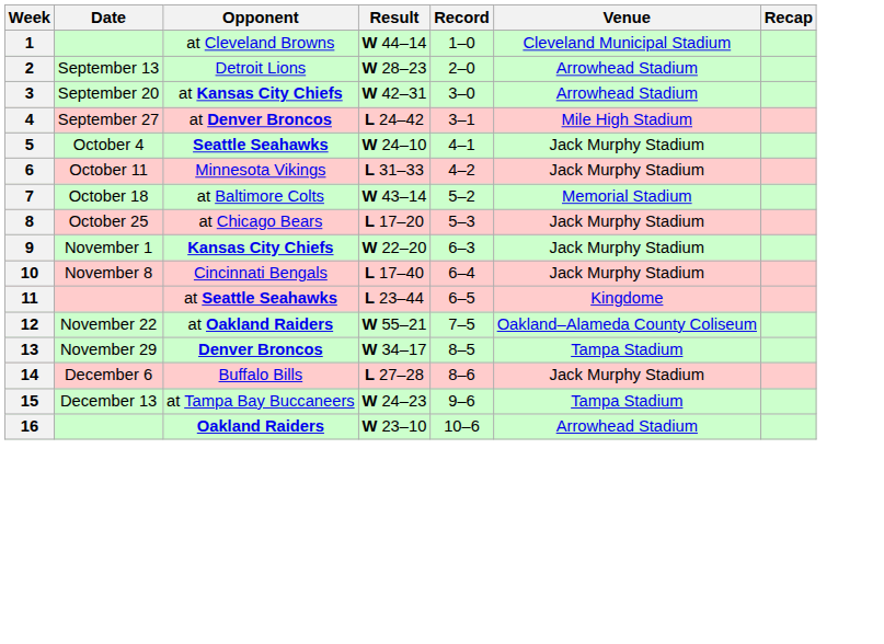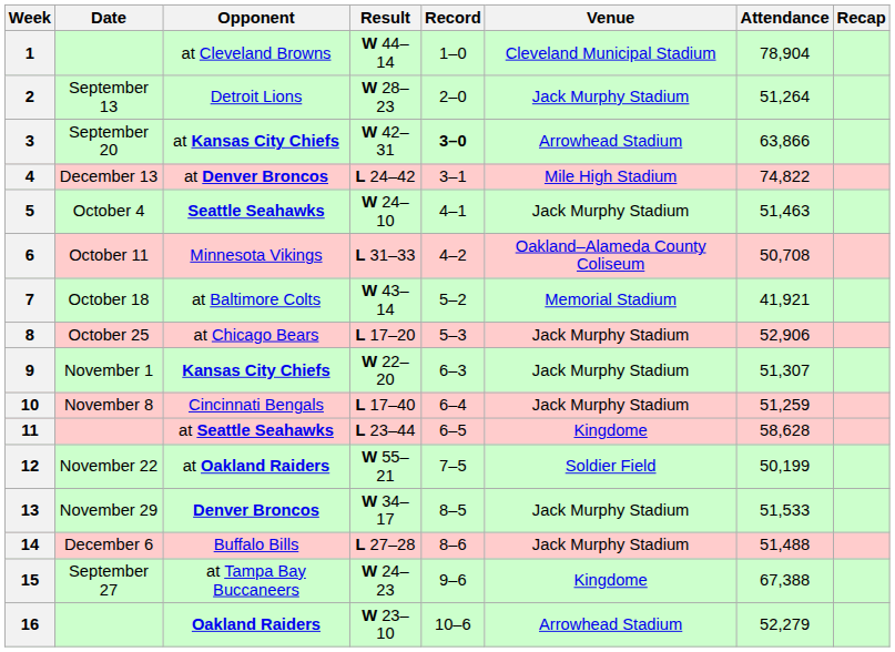 <table class="wikitable" style="text-align:center">
 <tr>
 <th>Week</th>
 <th>Date</th>
 <th>Opponent</th>
 <th>Result</th>
 <th>Record</th>
 <th>Venue</th>
+<th>Attendance</th>
 <th>Recap</th>
 </tr>
 <tr style="background:#cfc">
 <th>1</th>
 <td></td>
 <td>at <a href='#'>Cleveland Browns</a></td>
 <td><strong>W</strong> 44–14</td>
 <td>1–0</td>
 <td><a href='#'>Cleveland Municipal Stadium</a></td>
+<td>78,904</td>
 <td></td>
 </tr>
 <tr style="background:#cfc">
 <th>2</th>
 <td>September 13</td>
 <td><a href='#'>Detroit Lions</a></td>
 <td><strong>W</strong> 28–23</td>
 <td>2–0</td>
-<td><a href='#'>Arrowhead Stadium</a></td>
+<td><a href='#'>Jack Murphy Stadium</a></td>
+<td>51,264</td>
 <td></td>
 </tr>
 <tr style="background:#cfc">
 <th>3</th>
 <td>September 20</td>
 <td>at <strong><a href='#'>Kansas City Chiefs</a></strong></td>
 <td><strong>W</strong> 42–31</td>
-<td>3–0</td>
+<td><strong>3–0</strong></td>
 <td><a href='#'>Arrowhead Stadium</a></td>
+<td>63,866</td>
 <td></td>
 </tr>
 <tr style="background:#fcc">
 <th>4</th>
-<td>September 27</td>
+<td>December 13</td>
 <td>at <strong><a href='#'>Denver Broncos</a></strong></td>
 <td><strong>L</strong> 24–42</td>
 <td>3–1</td>
 <td><a href='#'>Mile High Stadium</a></td>
+<td>74,822</td>
 <td></td>
 </tr>
 <tr style="background:#cfc">
 <th>5</th>
 <td>October 4</td>
 <td><strong><a href='#'>Seattle Seahawks</a></strong></td>
 <td><strong>W</strong> 24–10</td>
 <td>4–1</td>
 <td>Jack Murphy Stadium</td>
+<td>51,463</td>
 <td></td>
 </tr>
 <tr style="background:#fcc">
 <th>6</th>
 <td>October 11</td>
 <td><a href='#'>Minnesota Vikings</a></td>
 <td><strong>L</strong> 31–33</td>
 <td>4–2</td>
-<td>Jack Murphy Stadium</td>
+<td><a href='#'>Oakland–Alameda County Coliseum</a></td>
+<td>50,708</td>
 <td></td>
 </tr>
 <tr style="background:#cfc">
 <th>7</th>
 <td>October 18</td>
 <td>at <a href='#'>Baltimore Colts</a></td>
 <td><strong>W</strong> 43–14</td>
 <td>5–2</td>
 <td><a href='#'>Memorial Stadium</a></td>
+<td>41,921</td>
 <td></td>
 </tr>
 <tr style="background:#fcc">
 <th>8</th>
 <td>October 25</td>
 <td>at <a href='#'>Chicago Bears</a></td>
 <td><strong>L</strong> 17–20 </td>
 <td>5–3</td>
 <td>Jack Murphy Stadium</td>
+<td>52,906</td>
 <td></td>
 </tr>
 <tr style="background:#cfc">
 <th>9</th>
 <td>November 1</td>
 <td><strong><a href='#'>Kansas City Chiefs</a></strong></td>
 <td><strong>W</strong> 22–20</td>
 <td>6–3</td>
 <td>Jack Murphy Stadium</td>
+<td>51,307</td>
 <td></td>
 </tr>
 <tr style="background:#fcc">
 <th>10</th>
 <td>November 8</td>
 <td><a href='#'>Cincinnati Bengals</a></td>
 <td><strong>L</strong> 17–40</td>
 <td>6–4</td>
 <td>Jack Murphy Stadium</td>
+<td>51,259</td>
 <td></td>
 </tr>
 <tr style="background:#fcc">
 <th>11</th>
 <td></td>
 <td>at <strong><a href='#'>Seattle Seahawks</a></strong></td>
 <td><strong>L</strong> 23–44</td>
 <td>6–5</td>
 <td><a href='#'>Kingdome</a></td>
+<td>58,628</td>
 <td></td>
 </tr>
 <tr style="background:#cfc">
 <th>12</th>
 <td>November 22</td>
 <td>at <strong><a href='#'>Oakland Raiders</a></strong></td>
 <td><strong>W</strong> 55–21</td>
 <td>7–5</td>
-<td><a href='#'>Oakland–Alameda County Coliseum</a></td>
+<td><a href='#'>Soldier Field</a></td>
+<td>50,199</td>
 <td></td>
 </tr>
 <tr style="background:#cfc">
 <th>13</th>
 <td>November 29</td>
 <td><strong><a href='#'>Denver Broncos</a></strong></td>
 <td><strong>W</strong> 34–17</td>
 <td>8–5</td>
-<td><a href='#'>Tampa Stadium</a></td>
+<td>Jack Murphy Stadium</td>
+<td>51,533</td>
 <td></td>
 </tr>
 <tr style="background:#fcc">
 <th>14</th>
 <td>December 6</td>
 <td><a href='#'>Buffalo Bills</a></td>
 <td><strong>L</strong> 27–28</td>
 <td>8–6</td>
 <td>Jack Murphy Stadium</td>
+<td>51,488</td>
 <td></td>
 </tr>
 <tr style="background:#cfc">
 <th>15</th>
-<td>December 13</td>
+<td>September 27</td>
 <td>at <a href='#'>Tampa Bay Buccaneers</a></td>
 <td><strong>W</strong> 24–23</td>
 <td>9–6</td>
-<td><a href='#'>Tampa Stadium</a></td>
+<td><a href='#'>Kingdome</a></td>
+<td>67,388</td>
 <td></td>
 </tr>
 <tr style="background:#cfc">
 <th>16</th>
 <td></td>
 <td><strong><a href='#'>Oakland Raiders</a></strong></td>
 <td><strong>W</strong> 23–10</td>
 <td>10–6</td>
 <td><a href='#'>Arrowhead Stadium</a></td>
+<td>52,279</td>
 <td></td>
 </tr>
 </table>
